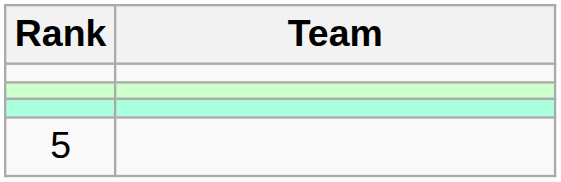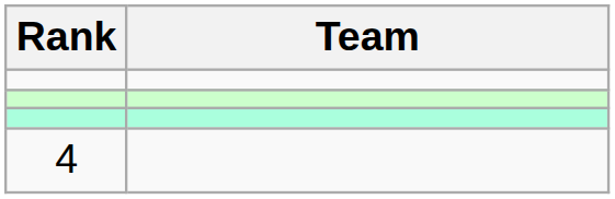 <table class="wikitable" style="text-align: center;">
 <tr>
 <th width=40>Rank</th>
 <th width=180>Team</th>
 </tr>
 <tr align=center>
 <td></td>
 <td style="text-align:left;"></td>
 </tr>
 <tr bgcolor=#ccffcc align=center>
 <td></td>
 <td style="text-align:left;"></td>
 </tr>
 <tr bgcolor=#aaffdd align=center>
 <td></td>
 <td style="text-align:left;"></td>
 </tr>
 <tr align=center>
-<td>5</td>
+<td>4</td>
 <td style="text-align:left;"></td>
 </tr>
 </table>
